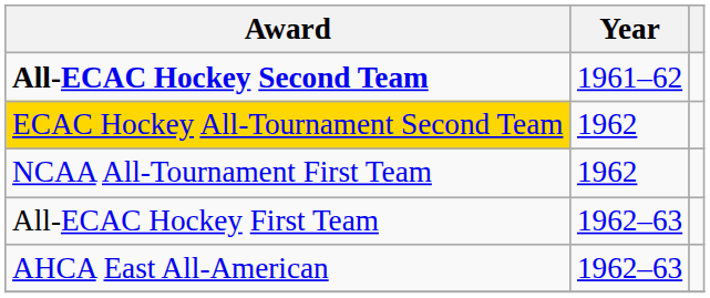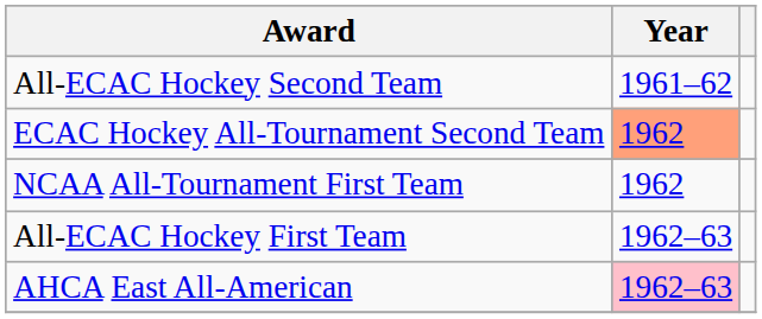 <table class="wikitable">
 <tr>
 <th>Award</th>
 <th>Year</th>
 <th></th>
 </tr>
 <tr>
-<td><strong>All-<a href='#'>ECAC Hockey</a> <a href='#'>Second Team</a></strong></td>
+<td>All-<a href='#'>ECAC Hockey</a> <a href='#'>Second Team</a></td>
 <td><a href='#'>1961–62</a></td>
 <td></td>
 </tr>
 <tr>
-<td style="background: gold;"><a href='#'>ECAC Hockey</a> <a href='#'>All-Tournament Second Team</a></td>
-<td><a href='#'>1962</a></td>
+<td><a href='#'>ECAC Hockey</a> <a href='#'>All-Tournament Second Team</a></td>
+<td style="background: lightsalmon;"><a href='#'>1962</a></td>
 <td></td>
 </tr>
 <tr>
 <td><a href='#'>NCAA</a> <a href='#'>All-Tournament First Team</a></td>
 <td><a href='#'>1962</a></td>
 <td></td>
 </tr>
 <tr>
 <td>All-<a href='#'>ECAC Hockey</a> <a href='#'>First Team</a></td>
 <td><a href='#'>1962–63</a></td>
 <td></td>
 </tr>
 <tr>
 <td><a href='#'>AHCA</a> <a href='#'>East All-American</a></td>
-<td><a href='#'>1962–63</a></td>
+<td style="background: pink;"><a href='#'>1962–63</a></td>
 <td></td>
 </tr>
 <tr>
 </tr>
 </table>
